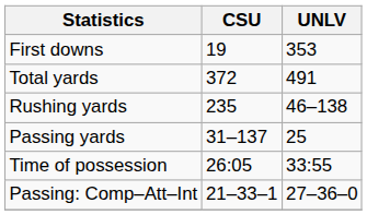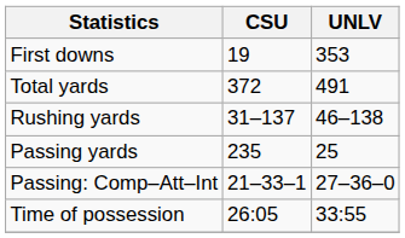 <table class="wikitable" style="float: left;">
 <tr>
 <th>Statistics</th>
 <th>CSU</th>
 <th>UNLV</th>
 </tr>
 <tr>
 <td>First downs</td>
 <td>19</td>
 <td>353</td>
 </tr>
 <tr>
 <td>Total yards</td>
 <td>372</td>
 <td>491</td>
 </tr>
 <tr>
 <td>Rushing yards</td>
-<td>235</td>
+<td>31–137</td>
 <td>46–138</td>
 </tr>
 <tr>
 <td>Passing yards</td>
-<td>31–137</td>
+<td>235</td>
 <td>25</td>
+</tr>
+<tr>
+<td>Passing: Comp–Att–Int</td>
+<td>21–33–1</td>
+<td>27–36–0</td>
 </tr>
 <tr>
 <td>Time of possession</td>
 <td>26:05</td>
 <td>33:55</td>
 </tr>
 <tr>
-<td>Passing: Comp–Att–Int</td>
-<td>21–33–1</td>
-<td>27–36–0</td>
-</tr>
-<tr>
 </tr>
 </table>
